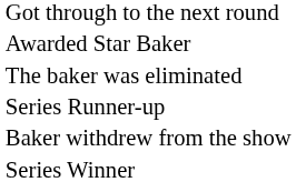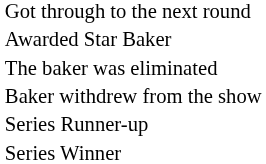 <table>
 <tr>
 <td> Got through to the next round</td>
 </tr>
 <tr>
 <td> Awarded Star Baker</td>
 </tr>
 <tr>
 <td> The baker was eliminated</td>
 </tr>
 <tr>
-<td> Series Runner-up</td>
+<td> Baker withdrew from the show</td>
 </tr>
 <tr>
-<td> Baker withdrew from the show</td>
+<td> Series Runner-up</td>
 </tr>
 <tr>
 <td> Series Winner</td>
 </tr>
 </table>
